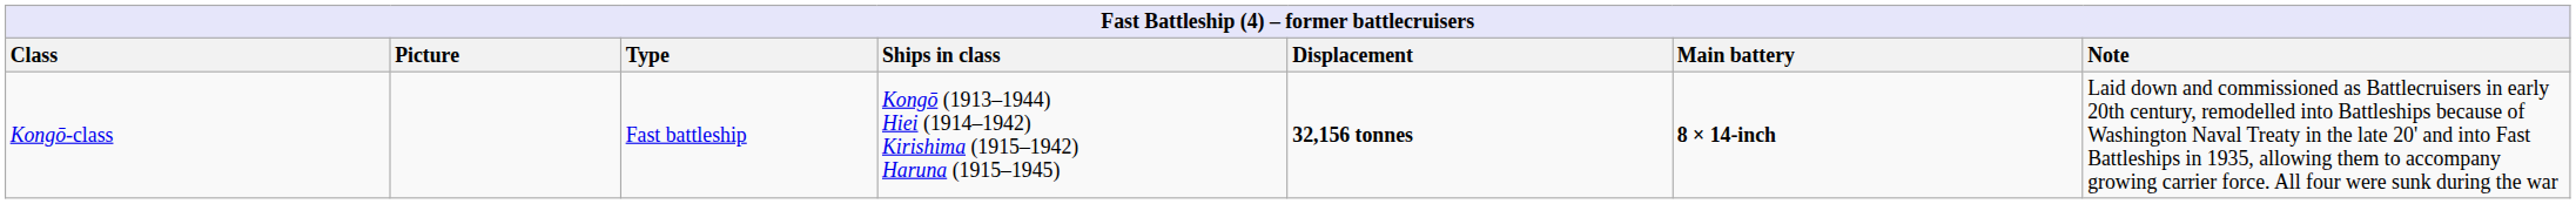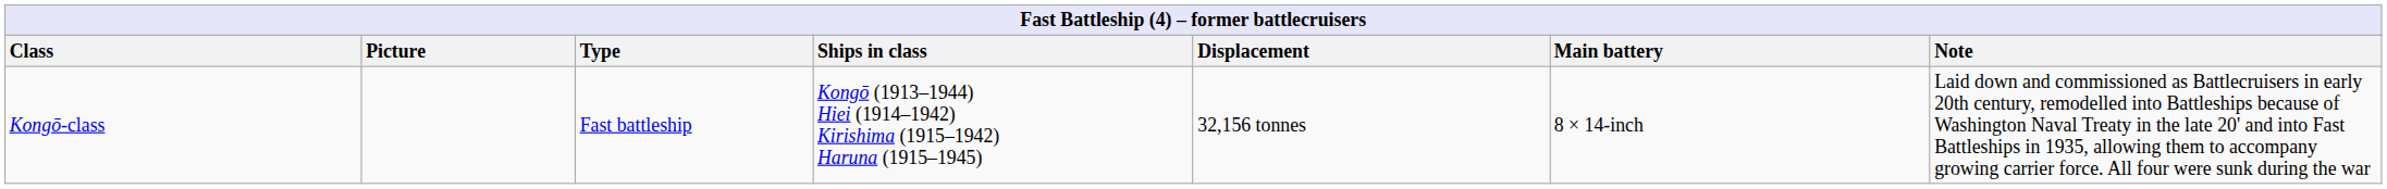 <table class="wikitable ">
 <tr>
 <th colspan="7" style="background: lavender;">Fast Battleship (4) – former battlecruisers</th>
 </tr>
 <tr>
 <th style="text-align:left; width:15%;">Class</th>
 <th style="text-align:left; width:9%;">Picture</th>
 <th style="text-align:left; width:10%;">Type</th>
 <th style="text-align:left; width:16%;">Ships in class</th>
 <th style="text-align:left; width:15%;">Displacement</th>
 <th style="text-align:left; width:16%;">Main battery</th>
 <th style="text-align:left; width:20%;">Note</th>
 </tr>
 <tr>
 <td><a href='#'><em>Kongō</em>-class</a></td>
 <td></td>
 <td><a href='#'>Fast battleship</a></td>
 <td><a href='#'><em>Kongō</em></a> (1913–1944)<br><a href='#'><em>Hiei</em></a> (1914–1942)<br><a href='#'><em>Kirishima</em></a> (1915–1942)<br><a href='#'><em>Haruna</em></a> (1915–1945)</td>
-<td><strong>32,156 tonnes</strong></td>
-<td><strong>8 × 14-inch</strong></td>
+<td>32,156 tonnes</td>
+<td>8 × 14-inch</td>
 <td>Laid down and commissioned as Battlecruisers in early 20th century, remodelled into Battleships because of Washington Naval Treaty in the late 20' and into Fast Battleships in 1935, allowing them to accompany growing carrier force. All four were sunk during the war</td>
 </tr>
 </table>
